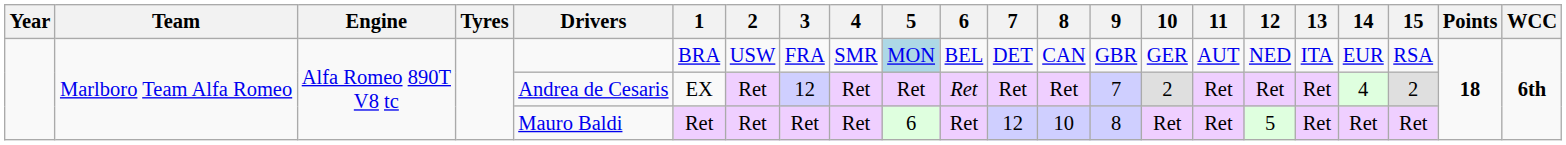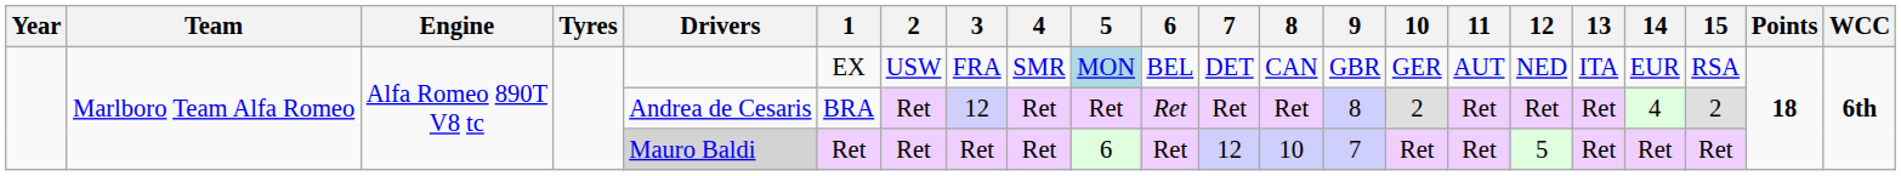 <table class="wikitable" style="text-align:center; font-size:95%">
 <tr>
 <th>Year</th>
 <th>Team</th>
 <th>Engine</th>
 <th>Tyres</th>
 <th>Drivers</th>
 <th>1</th>
 <th>2</th>
 <th>3</th>
 <th>4</th>
 <th>5</th>
 <th>6</th>
 <th>7</th>
 <th>8</th>
 <th>9</th>
 <th>10</th>
 <th>11</th>
 <th>12</th>
 <th>13</th>
 <th>14</th>
 <th>15</th>
 <th>Points</th>
 <th>WCC</th>
 </tr>
 <tr>
 <td rowspan="3"></td>
 <td rowspan="3"><a href='#'>Marlboro</a> <a href='#'>Team Alfa Romeo</a></td>
 <td rowspan="3"><a href='#'>Alfa Romeo</a> <a href='#'>890T</a><br><a href='#'>V8</a> <a href='#'>tc</a></td>
 <td rowspan="3"></td>
 <td></td>
-<td><a href='#'>BRA</a></td>
+<td>EX</td>
 <td><a href='#'>USW</a></td>
 <td><a href='#'>FRA</a></td>
 <td><a href='#'>SMR</a></td>
 <td style="background: lightblue;"><a href='#'>MON</a></td>
 <td><a href='#'>BEL</a></td>
 <td><a href='#'>DET</a></td>
 <td><a href='#'>CAN</a></td>
 <td><a href='#'>GBR</a></td>
 <td><a href='#'>GER</a></td>
 <td><a href='#'>AUT</a></td>
 <td><a href='#'>NED</a></td>
 <td><a href='#'>ITA</a></td>
 <td><a href='#'>EUR</a></td>
 <td><a href='#'>RSA</a></td>
 <td rowspan="3"><strong>18</strong></td>
 <td rowspan="3"><strong>6th</strong></td>
 </tr>
 <tr>
 <td align="left"><a href='#'>Andrea de Cesaris</a></td>
-<td>EX</td>
+<td><a href='#'>BRA</a></td>
 <td style="background:#efcfff;">Ret</td>
 <td style="background:#cfcfff;">12</td>
 <td style="background:#efcfff;">Ret</td>
 <td style="background:#efcfff;">Ret</td>
 <td style="background:#efcfff;"><em>Ret</em></td>
 <td style="background:#efcfff;">Ret</td>
 <td style="background:#efcfff;">Ret</td>
-<td style="background:#cfcfff;">7</td>
+<td style="background:#cfcfff;">8</td>
 <td style="background:#dfdfdf;">2</td>
 <td style="background:#efcfff;">Ret</td>
 <td style="background:#efcfff;">Ret</td>
 <td style="background:#efcfff;">Ret</td>
 <td style="background:#dfffdf;">4</td>
 <td style="background:#dfdfdf;">2</td>
 </tr>
 <tr>
-<td align="left"><a href='#'>Mauro Baldi</a></td>
+<td align="left" style="background: lightgrey;"><a href='#'>Mauro Baldi</a></td>
 <td style="background:#efcfff;">Ret</td>
 <td style="background:#efcfff;">Ret</td>
 <td style="background:#efcfff;">Ret</td>
 <td style="background:#efcfff;">Ret</td>
 <td style="background:#dfffdf;">6</td>
 <td style="background:#efcfff;">Ret</td>
 <td style="background:#cfcfff;">12</td>
 <td style="background:#cfcfff;">10</td>
-<td style="background:#cfcfff;">8</td>
+<td style="background:#cfcfff;">7</td>
 <td style="background:#efcfff;">Ret</td>
 <td style="background:#efcfff;">Ret</td>
 <td style="background:#dfffdf;">5</td>
 <td style="background:#efcfff;">Ret</td>
 <td style="background:#efcfff;">Ret</td>
 <td style="background:#efcfff;">Ret</td>
 </tr>
 </table>
